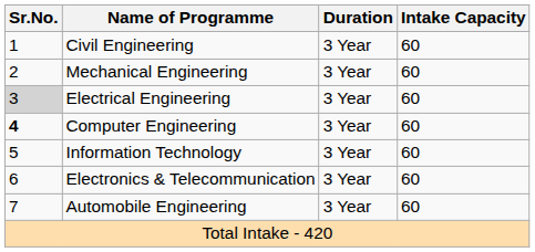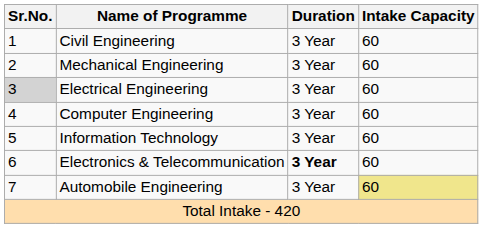 <table class="wikitable">
 <tr>
 <th>Sr.No.</th>
 <th>Name of Programme</th>
 <th>Duration</th>
 <th>Intake Capacity</th>
 </tr>
 <tr>
 <td>1</td>
 <td>Civil Engineering</td>
 <td>3 Year</td>
 <td>60</td>
 </tr>
 <tr>
 <td>2</td>
 <td>Mechanical Engineering</td>
 <td>3 Year</td>
 <td>60</td>
 </tr>
 <tr>
 <td style="background: lightgrey;">3</td>
 <td>Electrical Engineering</td>
 <td>3 Year</td>
 <td>60</td>
 </tr>
 <tr>
-<td><strong>4</strong></td>
+<td>4</td>
 <td>Computer Engineering</td>
 <td>3 Year</td>
 <td>60</td>
 </tr>
 <tr>
 <td>5</td>
 <td>Information Technology</td>
 <td>3 Year</td>
 <td>60</td>
 </tr>
 <tr>
 <td>6</td>
 <td>Electronics & Telecommunication</td>
-<td>3 Year</td>
+<td><strong>3 Year</strong></td>
 <td>60</td>
 </tr>
 <tr>
 <td>7</td>
 <td>Automobile Engineering</td>
 <td>3 Year</td>
-<td>60</td>
+<td style="background: khaki;">60</td>
 </tr>
 <tr>
 <td colspan = 5 align = center style="background: #ffdead;">Total Intake - 420</td>
 </tr>
 </table>
